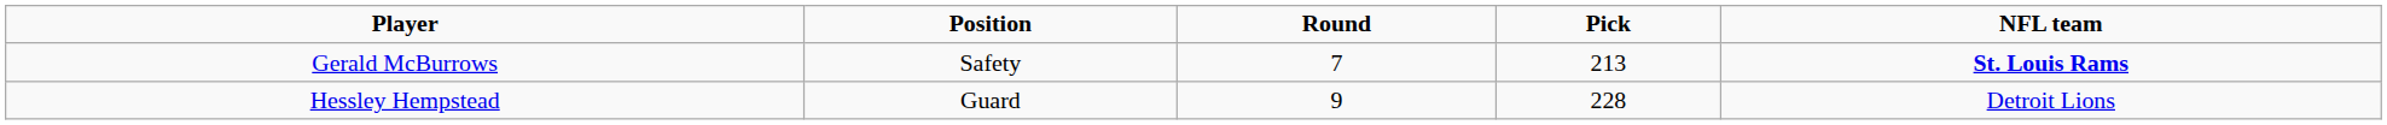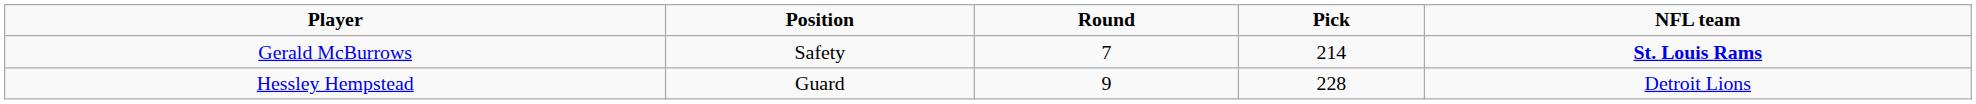 <table class="wikitable" width="80%">
 <tr align="center">
 <td><strong>Player</strong></td>
 <td><strong>Position</strong></td>
 <td><strong>Round</strong></td>
 <td><strong>Pick</strong></td>
 <td><strong>NFL team</strong></td>
 </tr>
 <tr align="center" bgcolor="">
 <td><a href='#'>Gerald McBurrows</a></td>
 <td>Safety</td>
 <td>7</td>
-<td>213</td>
+<td>214</td>
 <td><strong><a href='#'>St. Louis Rams</a></strong></td>
 </tr>
 <tr align="center" bgcolor="">
 <td><a href='#'>Hessley Hempstead</a></td>
 <td>Guard</td>
 <td>9</td>
 <td>228</td>
 <td><a href='#'>Detroit Lions</a></td>
 </tr>
 </table>
